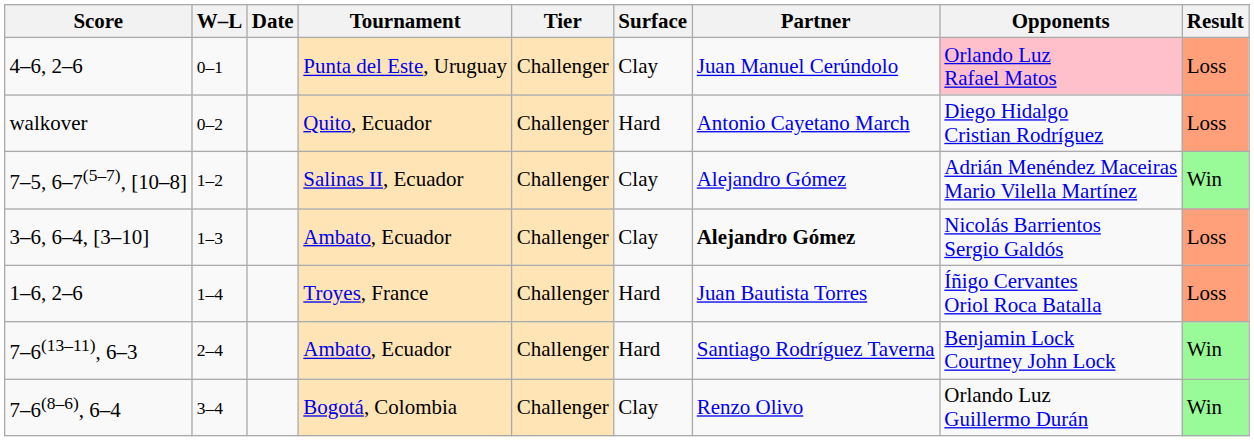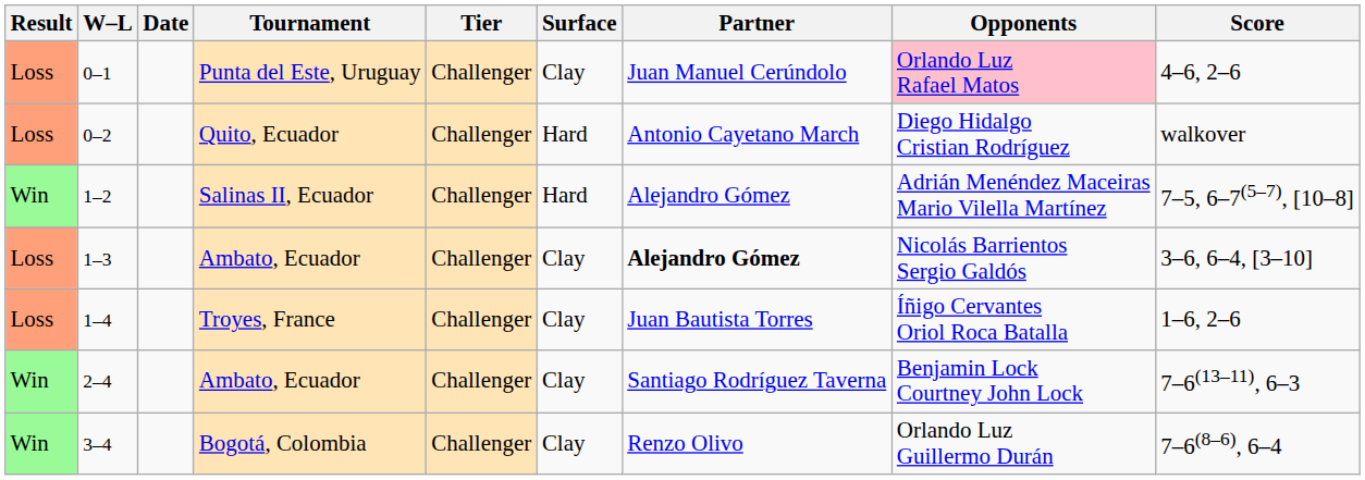 <table class="sortable wikitable">
 <tr>
-<th class="unsortable">Score</th>
+<th>Result</th>
 <th class="unsortable">W–L</th>
 <th>Date</th>
 <th>Tournament</th>
 <th>Tier</th>
 <th>Surface</th>
 <th>Partner</th>
 <th>Opponents</th>
-<th>Result</th>
+<th class="unsortable">Score</th>
 </tr>
 <tr>
-<td>4–6, 2–6</td>
+<td bgcolor=ffa07a>Loss</td>
 <td><small>0–1</small></td>
 <td><a href='#'></a></td>
 <td style="background:moccasin"><a href='#'>Punta del Este</a>, Uruguay</td>
 <td style="background:moccasin">Challenger</td>
 <td>Clay</td>
 <td> <a href='#'>Juan Manuel Cerúndolo</a></td>
 <td style="background: pink;"> <a href='#'>Orlando Luz</a><br> <a href='#'>Rafael Matos</a></td>
-<td bgcolor=ffa07a>Loss</td>
+<td>4–6, 2–6</td>
 </tr>
 <tr>
-<td>walkover</td>
+<td bgcolor=ffa07a>Loss</td>
 <td><small>0–2</small></td>
 <td><a href='#'></a></td>
 <td style="background:moccasin"><a href='#'>Quito</a>, Ecuador</td>
 <td style="background:moccasin">Challenger</td>
 <td>Hard</td>
 <td> <a href='#'>Antonio Cayetano March</a></td>
 <td> <a href='#'>Diego Hidalgo</a><br> <a href='#'>Cristian Rodríguez</a></td>
-<td bgcolor=ffa07a>Loss</td>
+<td>walkover</td>
 </tr>
 <tr>
-<td>7–5, 6–7<sup>(5–7)</sup>, [10–8]</td>
+<td bgcolor=98fb98>Win</td>
 <td><small>1–2</small></td>
 <td><a href='#'></a></td>
 <td style="background:moccasin"><a href='#'>Salinas II</a>, Ecuador</td>
 <td style="background:moccasin">Challenger</td>
-<td>Clay</td>
+<td>Hard</td>
 <td> <a href='#'>Alejandro Gómez</a></td>
 <td> <a href='#'>Adrián Menéndez Maceiras</a><br> <a href='#'>Mario Vilella Martínez</a></td>
-<td bgcolor=98fb98>Win</td>
+<td>7–5, 6–7<sup>(5–7)</sup>, [10–8]</td>
 </tr>
 <tr>
-<td>3–6, 6–4, [3–10]</td>
+<td bgcolor=ffa07a>Loss</td>
 <td><small>1–3</small></td>
 <td><a href='#'></a></td>
 <td style="background:moccasin"><a href='#'>Ambato</a>, Ecuador</td>
 <td style="background:moccasin">Challenger</td>
 <td>Clay</td>
 <td><strong> Alejandro Gómez</strong></td>
 <td> <a href='#'>Nicolás Barrientos</a><br> <a href='#'>Sergio Galdós</a></td>
-<td bgcolor=ffa07a>Loss</td>
+<td>3–6, 6–4, [3–10]</td>
 </tr>
 <tr>
-<td>1–6, 2–6</td>
+<td bgcolor=ffa07a>Loss</td>
 <td><small>1–4</small></td>
 <td><a href='#'></a></td>
 <td style="background:moccasin"><a href='#'>Troyes</a>, France</td>
 <td style="background:moccasin">Challenger</td>
-<td>Hard</td>
+<td>Clay</td>
 <td> <a href='#'>Juan Bautista Torres</a></td>
 <td> <a href='#'>Íñigo Cervantes</a><br> <a href='#'>Oriol Roca Batalla</a></td>
-<td bgcolor=ffa07a>Loss</td>
+<td>1–6, 2–6</td>
 </tr>
 <tr>
-<td>7–6<sup>(13–11)</sup>, 6–3</td>
+<td bgcolor=98fb98>Win</td>
 <td><small>2–4</small></td>
 <td><a href='#'></a></td>
 <td style="background:moccasin"><a href='#'>Ambato</a>, Ecuador</td>
 <td style="background:moccasin">Challenger</td>
-<td>Hard</td>
+<td>Clay</td>
 <td> <a href='#'>Santiago Rodríguez Taverna</a></td>
 <td> <a href='#'>Benjamin Lock</a><br> <a href='#'>Courtney John Lock</a></td>
-<td bgcolor=98fb98>Win</td>
+<td>7–6<sup>(13–11)</sup>, 6–3</td>
 </tr>
 <tr>
-<td>7–6<sup>(8–6)</sup>, 6–4</td>
+<td bgcolor=98fb98>Win</td>
 <td><small>3–4</small></td>
 <td><a href='#'></a></td>
 <td style="background:moccasin;"><a href='#'>Bogotá</a>, Colombia</td>
 <td style="background:moccasin;">Challenger</td>
 <td>Clay</td>
 <td> <a href='#'>Renzo Olivo</a></td>
 <td> Orlando Luz<br> <a href='#'>Guillermo Durán</a></td>
-<td bgcolor=98fb98>Win</td>
+<td>7–6<sup>(8–6)</sup>, 6–4</td>
 </tr>
 </table>
